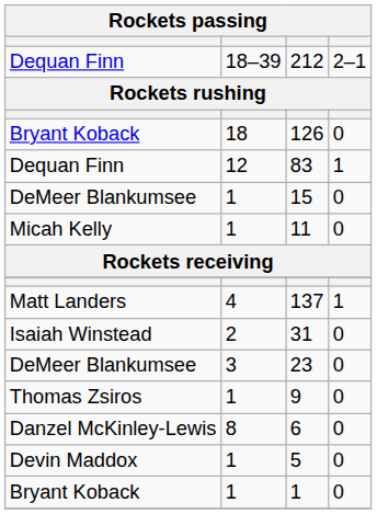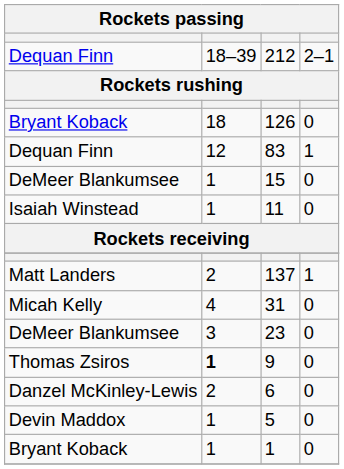 <table class="wikitable plainrowheaders">
 <tr>
 <th colspan="6">Rockets passing</th>
 </tr>
 <tr>
 <th scope="col"></th>
 <th scope="col"></th>
 <th scope="col"></th>
 <th scope="col"></th>
 </tr>
 <tr>
 <td><a href='#'>Dequan Finn</a></td>
 <td>18–39</td>
 <td>212</td>
 <td>2–1</td>
 </tr>
 <tr>
 <th colspan="6">Rockets rushing</th>
 </tr>
 <tr>
 <th scope="col"></th>
 <th scope="col"></th>
 <th scope="col"></th>
 <th scope="col"></th>
 </tr>
 <tr>
 <td><a href='#'>Bryant Koback</a></td>
 <td>18</td>
 <td>126</td>
 <td>0</td>
 </tr>
 <tr>
 <td>Dequan Finn</td>
 <td>12</td>
 <td>83</td>
 <td>1</td>
 </tr>
 <tr>
 <td>DeMeer Blankumsee</td>
 <td>1</td>
 <td>15</td>
 <td>0</td>
 </tr>
 <tr>
-<td>Micah Kelly</td>
+<td>Isaiah Winstead</td>
 <td>1</td>
 <td>11</td>
 <td>0</td>
 </tr>
 <tr>
 <th colspan="6">Rockets receiving</th>
 </tr>
 <tr>
 </tr>
 <tr>
 <th scope="col"></th>
 <th scope="col"></th>
 <th scope="col"></th>
 <th scope="col"></th>
 </tr>
 <tr>
 <td>Matt Landers</td>
-<td>4</td>
+<td>2</td>
 <td>137</td>
 <td>1</td>
 </tr>
 <tr>
-<td>Isaiah Winstead</td>
-<td>2</td>
+<td>Micah Kelly</td>
+<td>4</td>
 <td>31</td>
 <td>0</td>
 </tr>
 <tr>
 <td>DeMeer Blankumsee</td>
 <td>3</td>
 <td>23</td>
 <td>0</td>
 </tr>
 <tr>
 <td>Thomas Zsiros</td>
-<td>1</td>
+<td><strong>1</strong></td>
 <td>9</td>
 <td>0</td>
 </tr>
 <tr>
 <td>Danzel McKinley-Lewis</td>
-<td>8</td>
+<td>2</td>
 <td>6</td>
 <td>0</td>
 </tr>
 <tr>
 <td>Devin Maddox</td>
 <td>1</td>
 <td>5</td>
 <td>0</td>
 </tr>
 <tr>
 <td>Bryant Koback</td>
 <td>1</td>
 <td>1</td>
 <td>0</td>
 </tr>
 <tr>
 </tr>
 </table>
